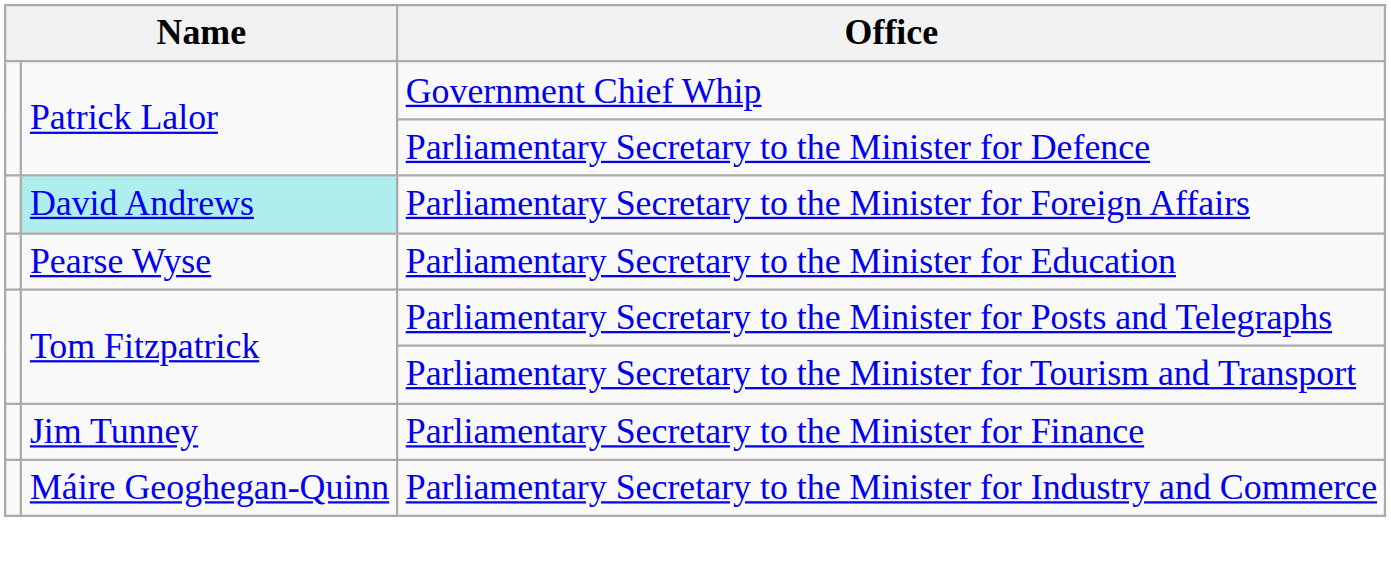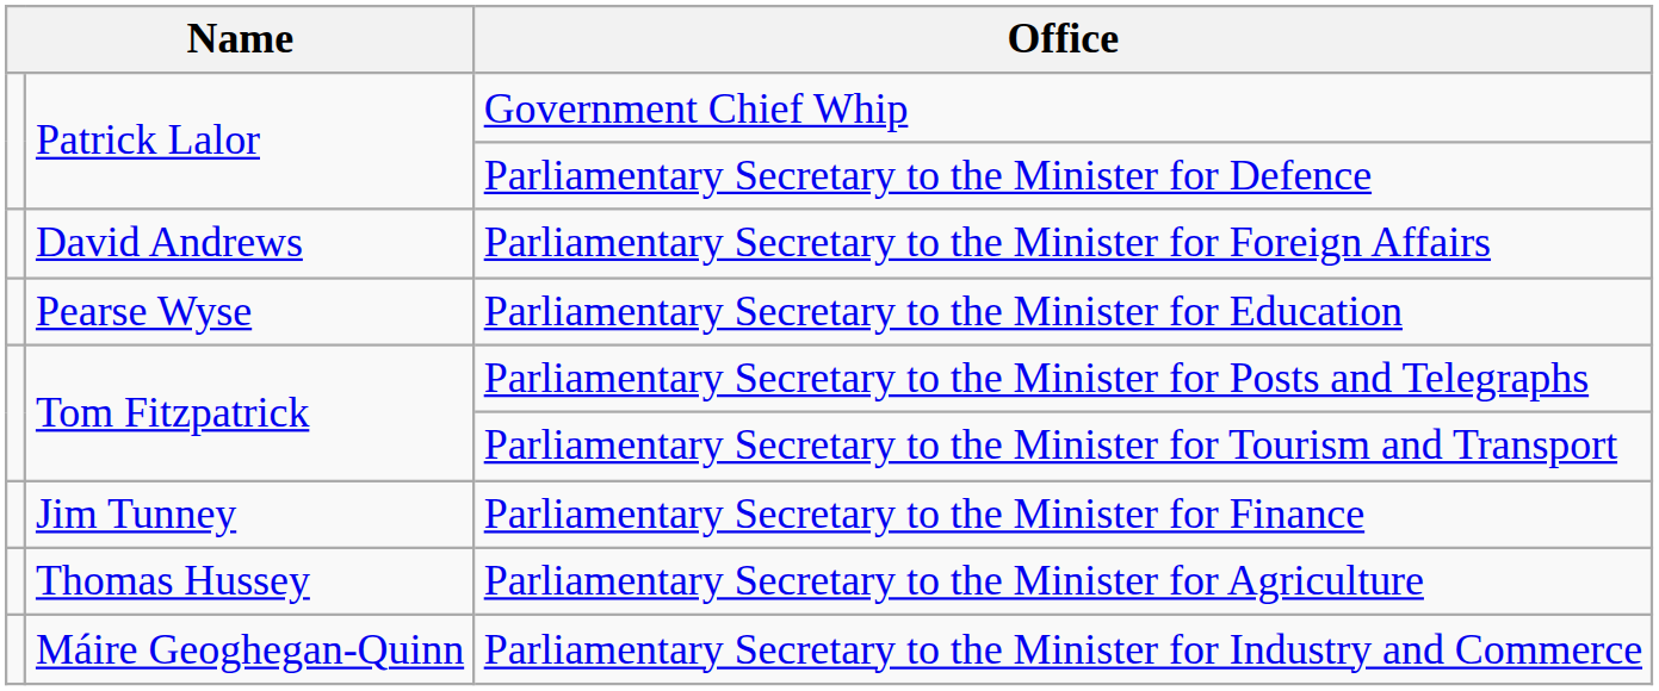 <table class="wikitable">
 <tr>
 <th colspan="2">Name</th>
 <th>Office</th>
 </tr>
 <tr>
 <td rowspan="2" style="background-color: "></td>
 <td rowspan="2"><a href='#'>Patrick Lalor</a></td>
 <td><a href='#'>Government Chief Whip</a></td>
 </tr>
 <tr>
 <td><a href='#'>Parliamentary Secretary to the Minister for Defence</a></td>
 </tr>
 <tr>
 <td style="background-color: "></td>
-<td style="background: paleturquoise;"><a href='#'>David Andrews</a></td>
+<td><a href='#'>David Andrews</a></td>
 <td><a href='#'>Parliamentary Secretary to the Minister for Foreign Affairs</a></td>
 </tr>
 <tr>
 <td style="background-color: "></td>
 <td><a href='#'>Pearse Wyse</a></td>
 <td><a href='#'>Parliamentary Secretary to the Minister for Education</a></td>
 </tr>
 <tr>
 <td rowspan="2" style="background-color: "></td>
 <td rowspan="2"><a href='#'>Tom Fitzpatrick</a></td>
 <td><a href='#'>Parliamentary Secretary to the Minister for Posts and Telegraphs</a></td>
 </tr>
 <tr>
 <td><a href='#'>Parliamentary Secretary to the Minister for Tourism and Transport</a></td>
 </tr>
 <tr>
 <td style="background-color: "></td>
 <td><a href='#'>Jim Tunney</a></td>
 <td><a href='#'>Parliamentary Secretary to the Minister for Finance</a></td>
 </tr>
 <tr>
 <td style="background-color: "></td>
+<td><a href='#'>Thomas Hussey</a></td>
+<td><a href='#'>Parliamentary Secretary to the Minister for Agriculture</a></td>
+</tr>
+<tr>
+<td style="background-color: "></td>
 <td><a href='#'>Máire Geoghegan-Quinn</a></td>
 <td><a href='#'>Parliamentary Secretary to the Minister for Industry and Commerce</a></td>
 </tr>
 </table>
